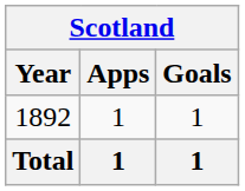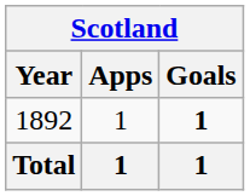 <table class="wikitable" style="text-align:center">
 <tr>
 <th colspan=3><a href='#'>Scotland</a></th>
 </tr>
 <tr>
 <th>Year</th>
 <th>Apps</th>
 <th>Goals</th>
 </tr>
 <tr>
 <td>1892</td>
 <td>1</td>
-<td>1</td>
+<td><strong>1</strong></td>
 </tr>
 <tr>
 <th>Total</th>
 <th>1</th>
 <th>1</th>
 </tr>
 </table>
